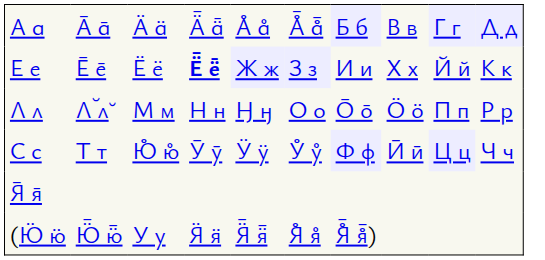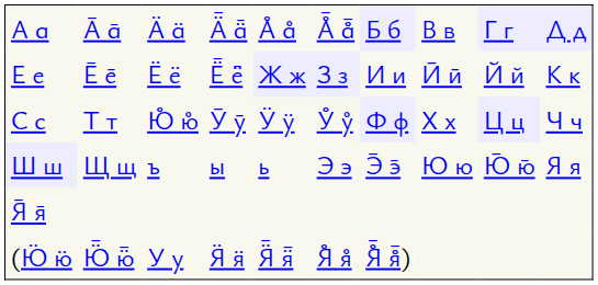 <table class=standard cellpadding=5 style="font-family:Ysabeau Infant; font-size:1.5em; border-color:#000000; border-width:1px; border-style:solid; border-collapse:collapse; background-color:#F8F8EF">
 <tr>
 <td style=«width:3em;»><a href='#'>А а</a></td>
 <td style=«width:3em;»><a href='#'>А̄ а̄</a></td>
 <td style=«width:3em;»><a href='#'>Ӓ ӓ</a></td>
 <td style=«width:3em;»><a href='#'>Ӓ̄ ӓ̄</a></td>
 <td style=«width:3em;»><a href='#'>А̊ а̊</a></td>
 <td style=«width:3em;»><a href='#'>А̊̄ а̊̄</a></td>
 <td style=«width:3em bgcolor="#EDEDFF";»><a href='#'>Б б</a></td>
 <td style=«width:3em;»><a href='#'>В в</a></td>
 <td style=«width:3em bgcolor="#EDEDFF";»><a href='#'>Г г</a></td>
 <td style=«width:3em bgcolor="#EDEDFF";»><a href='#'>Д д</a></td>
 </tr>
 <tr>
 <td style=«width:3em;»><a href='#'>Е е</a></td>
 <td style=«width:3em;»><a href='#'>Е̄ е̄</a></td>
 <td style=«width:3em;»><a href='#'>Ё ё</a></td>
-<td style=«width:3em;»><strong><a href='#'>Ё̄ ё̄</a></strong></td>
+<td style=«width:3em;»><a href='#'>Ё̄ ё̄</a></td>
 <td style=«width:3em bgcolor="#EDEDFF";»><a href='#'>Ж ж</a></td>
 <td style=«width:3em bgcolor="#EDEDFF";»><a href='#'>З з</a></td>
 <td style=«width:3em;»><a href='#'>И и</a></td>
-<td style=«width:3em;»><a href='#'>Х х</a></td>
+<td style=«width:3em;»><a href='#'>Ӣ ӣ</a></td>
 <td style=«width:3em;»><a href='#'>Й й</a></td>
 <td style=«width:3em;»><a href='#'>К к</a></td>
-</tr>
-<tr>
-<td style=«width:3em;»><a href='#'>Л л</a></td>
-<td style=«width:3em;»><a href='#'>Л̆ л̆</a></td>
-<td style=«width:3em;»><a href='#'>М м</a></td>
-<td style=«width:3em;»><a href='#'>Н н</a></td>
-<td style=«width:3em;»><a href='#'>Ӈ ӈ</a></td>
-<td style=«width:3em;»><a href='#'>О о</a></td>
-<td style=«width:3em;»><a href='#'>О̄ о̄</a></td>
-<td style=«width:3em;»><a href='#'>Ӧ ӧ</a></td>
-<td style=«width:3em;»><a href='#'>П п</a></td>
-<td style=«width:3em;»><a href='#'>Р р</a></td>
 </tr>
 <tr>
 <td style=«width:3em;»><a href='#'>С с</a></td>
 <td style=«width:3em;»><a href='#'>Т т</a></td>
 <td style=«width:3em;»><a href='#'>Ю̊ ю̊</a></td>
 <td style=«width:3em;»><a href='#'>Ӯ ӯ</a></td>
 <td style=«width:3em;»><a href='#'>Ӱ ӱ</a></td>
 <td style=«width:3em;»><a href='#'>У̊ у̊</a></td>
 <td style=«width:3em bgcolor="#EDEDFF";»><a href='#'>Ф ф</a></td>
-<td style=«width:3em;»><a href='#'>Ӣ ӣ</a></td>
+<td style=«width:3em;»><a href='#'>Х х</a></td>
 <td style=«width:3em bgcolor="#EDEDFF";»><a href='#'>Ц ц</a></td>
 <td style=«width:3em;»><a href='#'>Ч ч</a></td>
+</tr>
+<tr>
+<td style=«width:3em bgcolor="#EDEDFF";»><a href='#'>Ш ш</a></td>
+<td style=«width:3em;»><a href='#'>Щ щ</a></td>
+<td style=«width:3em;»><a href='#'>ъ</a></td>
+<td style=«width:3em;»><a href='#'>ы</a></td>
+<td style=«width:3em;»><a href='#'>ь</a></td>
+<td style=«width:3em;»><a href='#'>Э э</a></td>
+<td style=«width:3em;»><a href='#'>Э̄ э̄</a></td>
+<td style=«width:3em;»><a href='#'>Ю ю</a></td>
+<td style=«width:3em;»><a href='#'>Ю̄ ю̄</a></td>
+<td style=«width:3em;»><a href='#'>Я я</a></td>
 </tr>
 <tr>
 <td style=«width:3em;»><a href='#'>Я̄ я̄</a></td>
 </tr>
 <tr>
 <td style=«width:3em;»>(<a href='#'>Ю̈ ю̈</a></td>
 <td style=«width:3em;»><a href='#'>Ю̈̄ ю̈̄</a></td>
 <td style=«width:3em;»><a href='#'>У у</a></td>
 <td style=«width:3em;»><a href='#'>Я̈ я̈</a></td>
 <td style=«width:3em;»><a href='#'>Я̈̄ я̈̄</a></td>
 <td style=«width:3em;»><a href='#'>Я̊ я̊</a></td>
 <td style=«width:3em;»><a href='#'>Я̊̄ я̊̄</a>)</td>
 </tr>
 </table>
